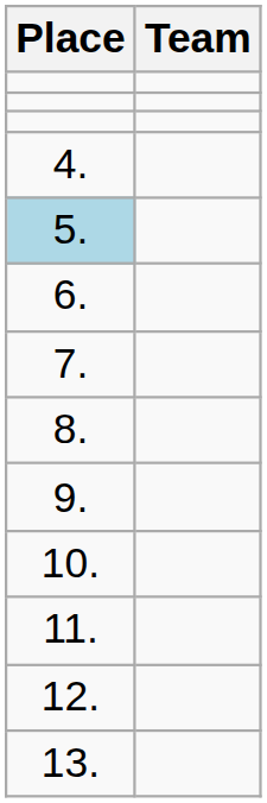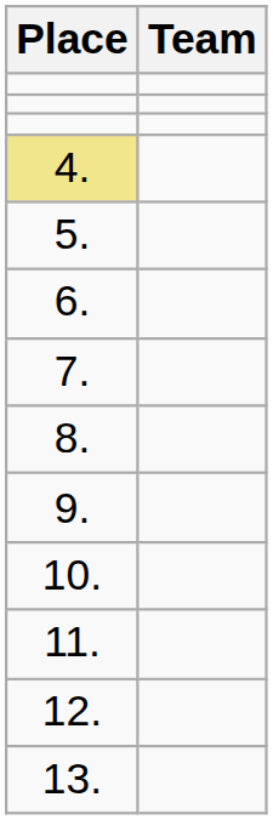 <table class="wikitable">
 <tr>
 <th>Place</th>
 <th>Team</th>
 </tr>
 <tr>
 <td align="center"></td>
 <td></td>
 </tr>
 <tr>
 <td align="center"></td>
 <td></td>
 </tr>
 <tr>
 <td align="center"></td>
 <td></td>
 </tr>
 <tr>
-<td align="center">4.</td>
+<td align="center" style="background: khaki;">4.</td>
 <td></td>
 </tr>
 <tr>
-<td align="center" style="background: lightblue;">5.</td>
+<td align="center">5.</td>
 <td></td>
 </tr>
 <tr>
 <td align="center">6.</td>
 <td></td>
 </tr>
 <tr>
 <td align="center">7.</td>
 <td></td>
 </tr>
 <tr>
 <td align="center">8.</td>
 <td></td>
 </tr>
 <tr>
 <td align="center">9.</td>
 <td></td>
 </tr>
 <tr>
 <td align="center">10.</td>
 <td></td>
 </tr>
 <tr>
 <td align="center">11.</td>
 <td></td>
 </tr>
 <tr>
 <td align="center">12.</td>
 <td></td>
 </tr>
 <tr>
 <td align="center">13.</td>
 <td></td>
 </tr>
 </table>
